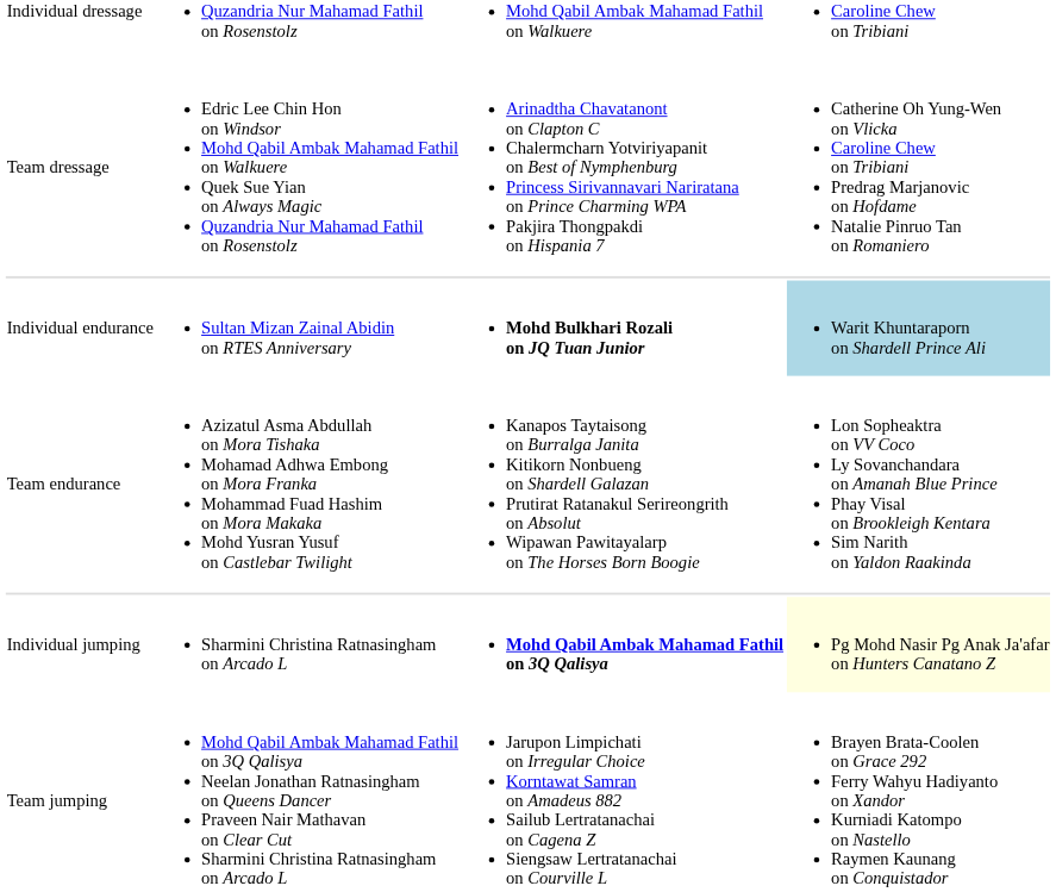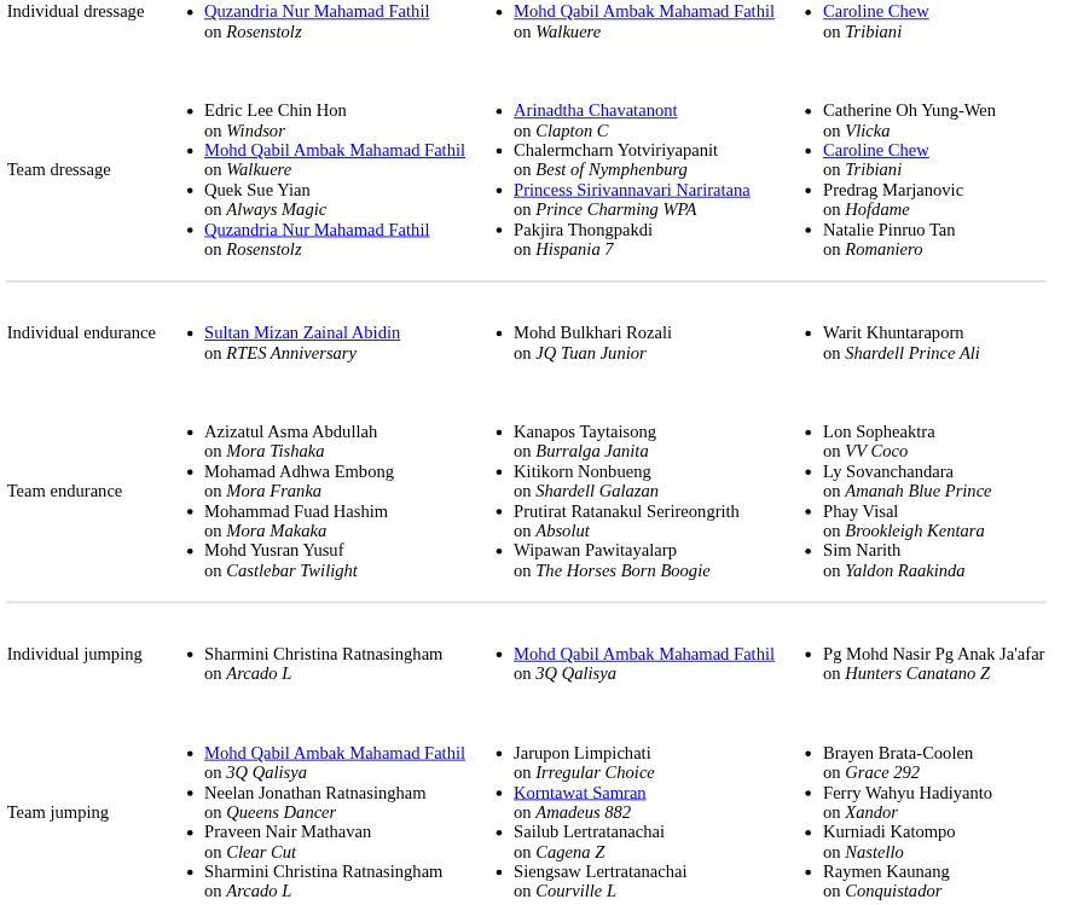 <table>
 <tr>
 <td>Individual dressage<br></td>
 <td><br><ul><li><a href='#'>Quzandria Nur Mahamad Fathil</a><br>on <em>Rosenstolz</em></li></ul></td>
 <td><br><ul><li><a href='#'>Mohd Qabil Ambak Mahamad Fathil</a><br>on <em>Walkuere</em></li></ul></td>
 <td><br><ul><li><a href='#'>Caroline Chew</a><br>on <em>Tribiani</em></li></ul></td>
 </tr>
 <tr>
 <td>Team dressage<br></td>
 <td nowrap=true><br><ul><li>Edric Lee Chin Hon<br>on <em>Windsor</em></li><li><a href='#'>Mohd Qabil Ambak Mahamad Fathil</a><br>on <em>Walkuere</em></li><li>Quek Sue Yian<br>on <em>Always Magic</em></li><li><a href='#'>Quzandria Nur Mahamad Fathil</a><br>on <em>Rosenstolz</em></li></ul></td>
 <td nowrap=true><br><ul><li><a href='#'>Arinadtha Chavatanont</a><br>on <em>Clapton C</em></li><li>Chalermcharn Yotviriyapanit<br>on <em>Best of Nymphenburg</em></li><li><a href='#'>Princess Sirivannavari Nariratana</a><br>on <em>Prince Charming WPA</em></li><li>Pakjira Thongpakdi<br>on <em>Hispania 7</em></li></ul></td>
 <td><br><ul><li>Catherine Oh Yung-Wen<br>on <em>Vlicka</em></li><li><a href='#'>Caroline Chew</a><br>on <em>Tribiani</em></li><li>Predrag Marjanovic<br>on <em>Hofdame</em></li><li>Natalie Pinruo Tan<br>on <em>Romaniero</em></li></ul></td>
 </tr>
 <tr bgcolor=#DDDDDD>
 <td colspan=7></td>
 </tr>
 <tr>
 <td>Individual endurance<br></td>
 <td><br><ul><li><a href='#'>Sultan Mizan Zainal Abidin</a><br>on <em>RTES Anniversary</em></li></ul></td>
-<td><strong><br><ul><li>Mohd Bulkhari Rozali<br>on <em>JQ Tuan Junior</em></li></ul></strong></td>
-<td style="background: lightblue;"><br><ul><li>Warit Khuntaraporn<br>on <em>Shardell Prince Ali</em></li></ul></td>
+<td><br><ul><li>Mohd Bulkhari Rozali<br>on <em>JQ Tuan Junior</em></li></ul></td>
+<td><br><ul><li>Warit Khuntaraporn<br>on <em>Shardell Prince Ali</em></li></ul></td>
 </tr>
 <tr>
 <td>Team endurance<br></td>
 <td><br><ul><li>Azizatul Asma Abdullah<br>on <em>Mora Tishaka</em></li><li>Mohamad Adhwa Embong<br>on <em>Mora Franka</em></li><li>Mohammad Fuad Hashim<br>on <em>Mora Makaka</em></li><li>Mohd Yusran Yusuf<br>on <em>Castlebar Twilight</em></li></ul></td>
 <td><br><ul><li>Kanapos Taytaisong<br>on <em>Burralga Janita</em></li><li>Kitikorn Nonbueng<br>on <em>Shardell Galazan</em></li><li>Prutirat Ratanakul Serireongrith<br>on <em>Absolut</em></li><li>Wipawan Pawitayalarp<br>on <em>The Horses Born Boogie</em></li></ul></td>
 <td><br><ul><li>Lon Sopheaktra<br>on <em>VV Coco</em></li><li>Ly Sovanchandara<br>on <em>Amanah Blue Prince</em></li><li>Phay Visal<br>on <em>Brookleigh Kentara</em></li><li>Sim Narith<br>on <em>Yaldon Raakinda</em></li></ul></td>
 </tr>
 <tr bgcolor=#DDDDDD>
 <td colspan=7></td>
 </tr>
 <tr>
 <td>Individual jumping<br></td>
 <td><br><ul><li>Sharmini Christina Ratnasingham<br>on <em>Arcado L</em></li></ul></td>
-<td nowrap=true><strong><br><ul><li><a href='#'>Mohd Qabil Ambak Mahamad Fathil</a><br>on <em>3Q Qalisya</em></li></ul></strong></td>
-<td nowrap=true style="background: lightyellow;"><br><ul><li>Pg Mohd Nasir Pg Anak Ja'afar<br>on <em>Hunters Canatano Z</em></li></ul></td>
+<td nowrap=true><br><ul><li><a href='#'>Mohd Qabil Ambak Mahamad Fathil</a><br>on <em>3Q Qalisya</em></li></ul></td>
+<td nowrap=true><br><ul><li>Pg Mohd Nasir Pg Anak Ja'afar<br>on <em>Hunters Canatano Z</em></li></ul></td>
 </tr>
 <tr>
 <td>Team jumping<br></td>
 <td><br><ul><li><a href='#'>Mohd Qabil Ambak Mahamad Fathil</a><br>on <em>3Q Qalisya</em></li><li>Neelan Jonathan Ratnasingham<br>on <em>Queens Dancer</em></li><li>Praveen Nair Mathavan<br>on <em>Clear Cut</em></li><li>Sharmini Christina Ratnasingham<br>on <em>Arcado L</em></li></ul></td>
 <td><br><ul><li>Jarupon Limpichati<br>on <em>Irregular Choice</em></li><li><a href='#'>Korntawat Samran</a><br>on <em>Amadeus 882</em></li><li>Sailub Lertratanachai<br>on <em>Cagena Z</em></li><li>Siengsaw Lertratanachai<br>on <em>Courville L</em></li></ul></td>
 <td><br><ul><li>Brayen Brata-Coolen<br>on <em>Grace 292</em></li><li>Ferry Wahyu Hadiyanto<br>on <em>Xandor</em></li><li>Kurniadi Katompo<br>on <em>Nastello</em></li><li>Raymen Kaunang<br>on <em>Conquistador</em></li></ul></td>
 </tr>
 </table>
